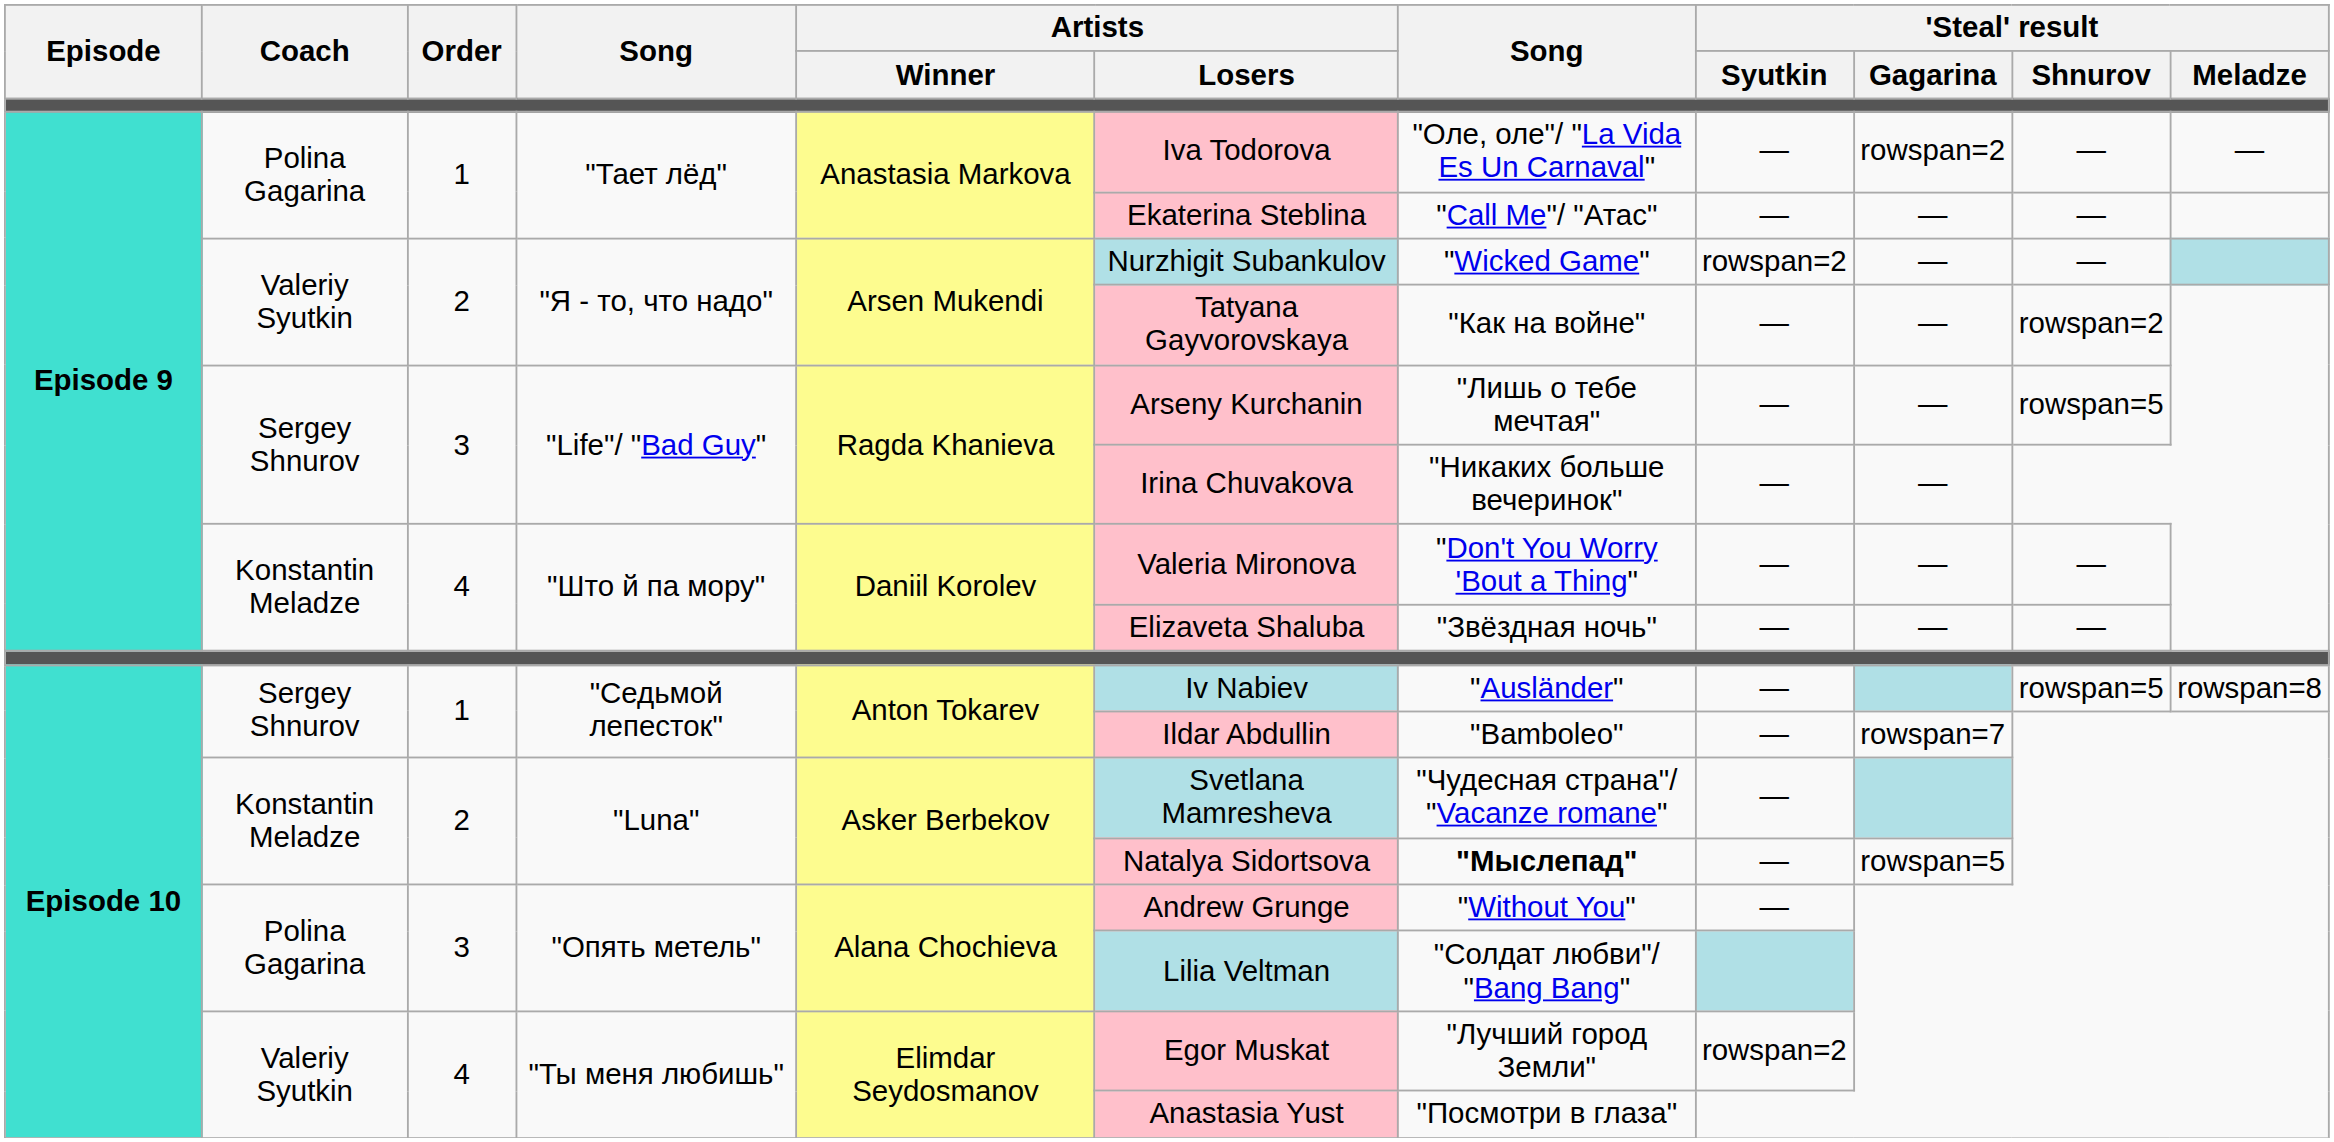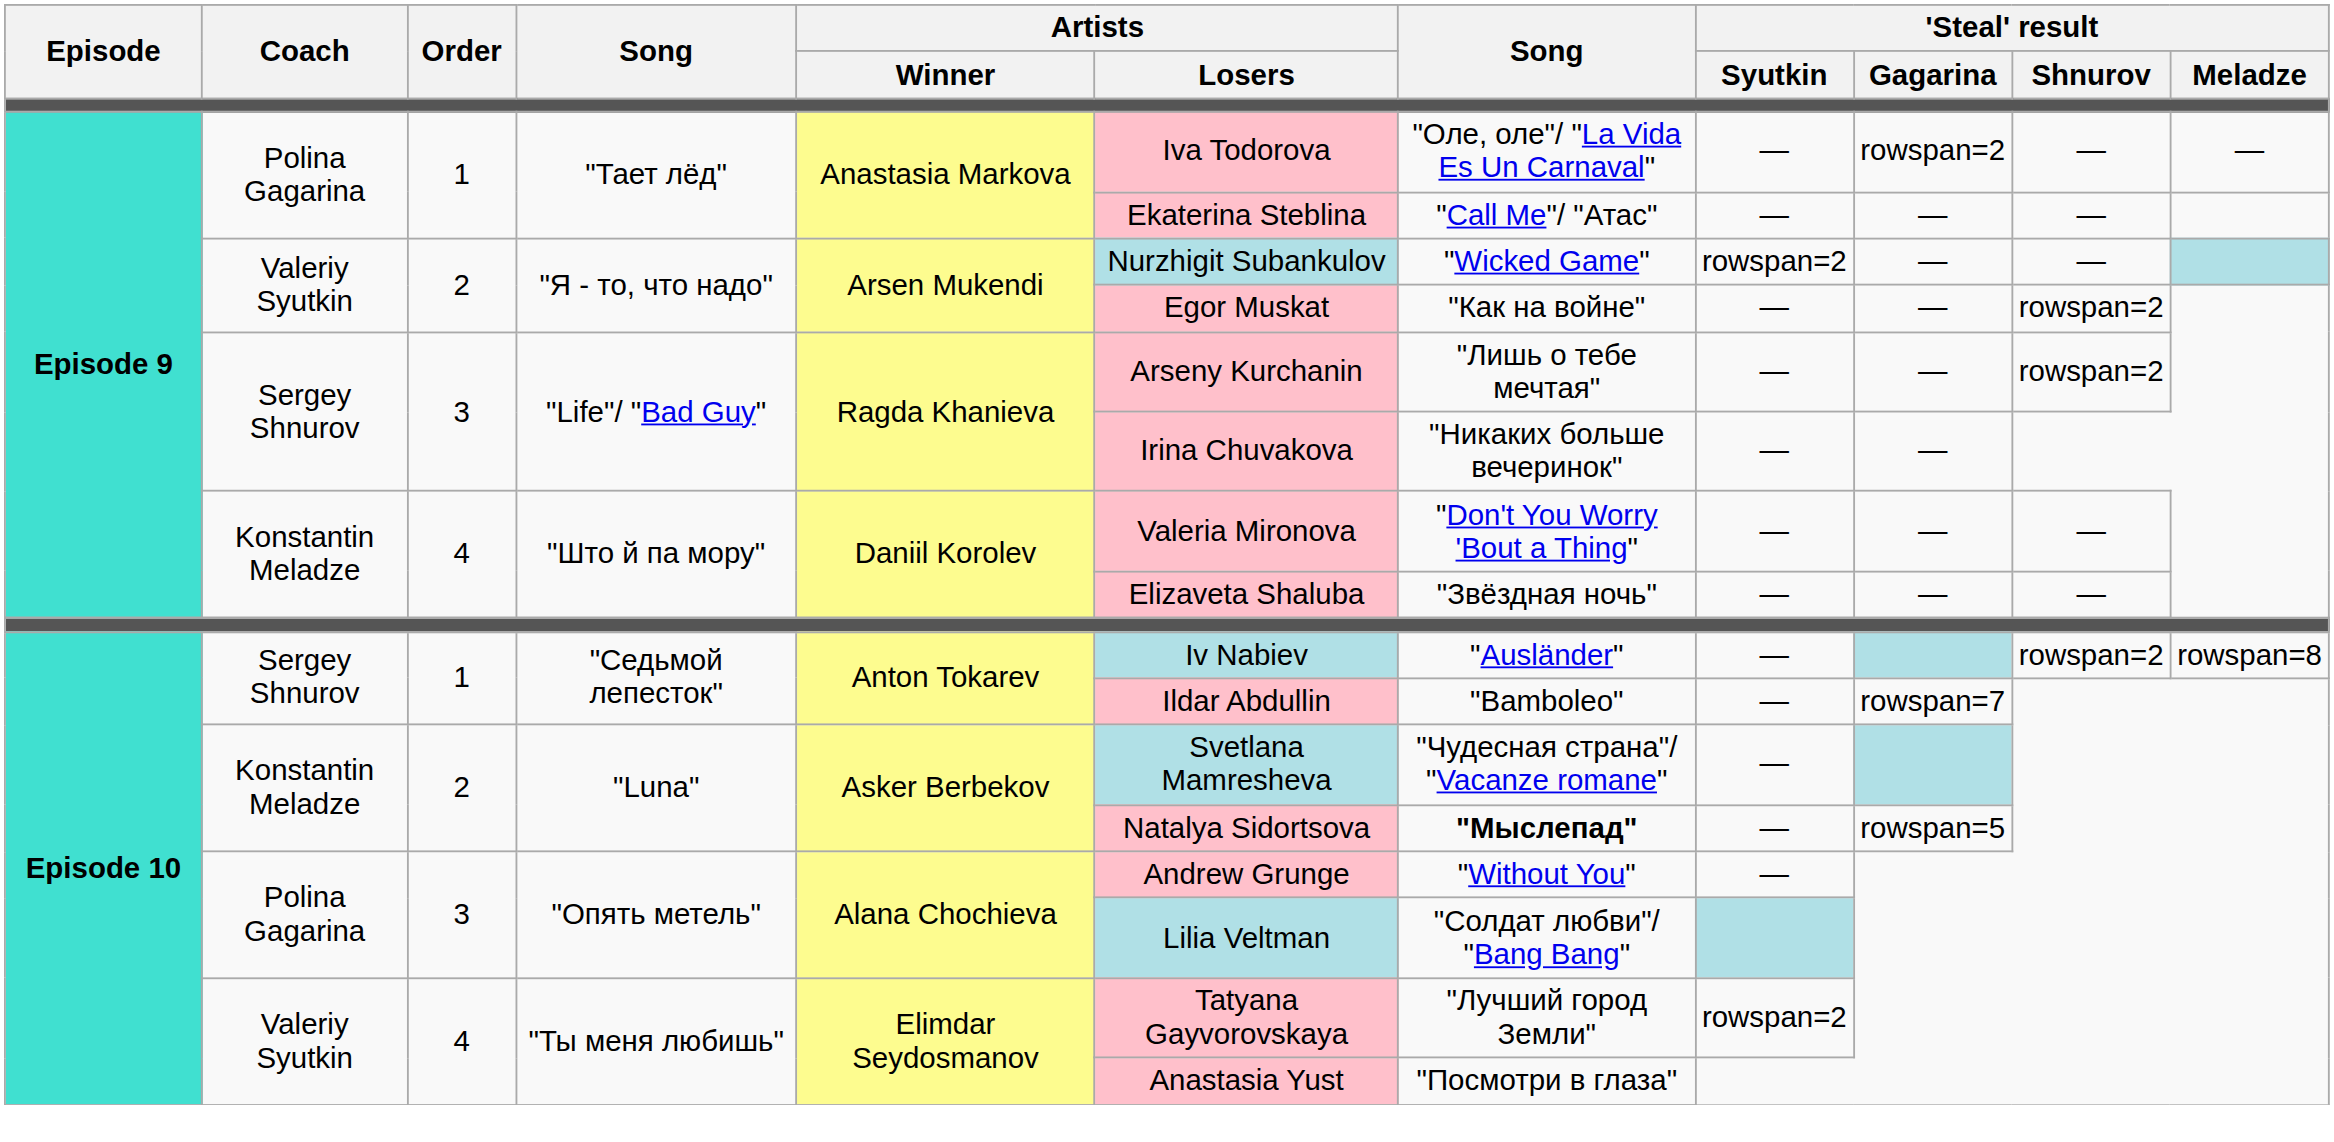 <table class="wikitable" style="text-align: center; width:100%;">
 <tr>
 <th rowspan=2 width="10%">Episode</th>
 <th rowspan=2 width="10%">Coach</th>
 <th rowspan=2 width="5%">Order</th>
 <th rowspan=2 width="15%">Song</th>
 <th colspan=2 width="30%">Artists</th>
 <th rowspan=2 width="15%">Song</th>
 <th colspan=4 style="width:20%;">'Steal' result</th>
 </tr>
 <tr>
 <th width="15%">Winner</th>
 <th width="15%">Losers</th>
 <th style="width:05%;">Syutkin</th>
 <th style="width:05%;">Gagarina</th>
 <th style="width:05%;">Shnurov</th>
 <th style="width:05%;">Meladze</th>
 </tr>
 <tr>
 <td colspan="11" style="background:#555;"></td>
 </tr>
 <tr>
 <th rowspan=8 style="background:turquoise;">Episode 9<br><small></small> </th>
 <td rowspan=2>Polina Gagarina</td>
 <td rowspan=2>1</td>
 <td rowspan=2>"Тает лёд"</td>
 <td rowspan=2 style="background:#fdfc8f;">Anastasia Markova</td>
 <td style="background:pink;">Iva Todorova</td>
 <td>"Оле, оле"/ "<a href='#'>La Vida Es Un Carnaval</a>"</td>
 <td>—</td>
 <td>rowspan=2 </td>
 <td>—</td>
 <td>—</td>
 </tr>
 <tr>
 <td style="background:pink;">Ekaterina Steblina</td>
 <td>"<a href='#'>Call Me</a>"/ "Атас"</td>
 <td>—</td>
 <td>—</td>
 <td>—</td>
 </tr>
 <tr>
 <td rowspan=2>Valeriy Syutkin</td>
 <td rowspan=2>2</td>
 <td rowspan=2>"Я - то, что надо"</td>
 <td rowspan=2 style="background:#fdfc8f;">Arsen Mukendi</td>
 <td style="background:#b0e0e6;">Nurzhigit Subankulov</td>
 <td>"<a href='#'>Wicked Game</a>"</td>
 <td>rowspan=2 </td>
 <td>—</td>
 <td>—</td>
 <td style="background:#B0E0E6;"><strong></strong></td>
 </tr>
 <tr>
-<td style="background:pink;">Tatyana Gayvorovskaya</td>
+<td style="background:pink;">Egor Muskat</td>
 <td>"Как на войне"</td>
 <td>—</td>
 <td>—</td>
 <td>rowspan=2 </td>
 </tr>
 <tr>
 <td rowspan=2>Sergey Shnurov</td>
 <td rowspan=2>3</td>
 <td rowspan=2>"Life"/ "<a href='#'>Bad Guy</a>"</td>
 <td rowspan=2 style="background:#fdfc8f;">Ragda Khanieva</td>
 <td style="background:pink;">Arseny Kurchanin</td>
 <td>"Лишь о тебе мечтая"</td>
 <td>—</td>
 <td>—</td>
-<td>rowspan=5 </td>
+<td>rowspan=2 </td>
 </tr>
 <tr>
 <td style="background:pink;">Irina Chuvakova</td>
 <td>"Никаких больше вечеринок"</td>
 <td>—</td>
 <td>—</td>
 </tr>
 <tr>
 <td rowspan=2>Konstantin Meladze</td>
 <td rowspan=2>4</td>
 <td rowspan=2>"Што й па мору"</td>
 <td rowspan=2 style="background:#fdfc8f;">Daniil Korolev</td>
 <td style="background:pink;">Valeria Mironova</td>
 <td>"<a href='#'>Don't You Worry 'Bout a Thing</a>"</td>
 <td>—</td>
 <td>—</td>
 <td>—</td>
 </tr>
 <tr>
 <td style="background:pink;">Elizaveta Shaluba</td>
 <td>"Звёздная ночь"</td>
 <td>—</td>
 <td>—</td>
 <td>—</td>
 </tr>
 <tr>
 </tr>
 <tr>
 <td colspan="11" style="background:#555;"></td>
 </tr>
 <tr>
 <th rowspan=8 style="background:turquoise;">Episode 10<br><small></small> </th>
 <td rowspan=2>Sergey Shnurov</td>
 <td rowspan=2>1</td>
 <td rowspan=2>"Седьмой лепесток"</td>
 <td rowspan=2 style="background:#fdfc8f;">Anton Tokarev</td>
 <td style="background:#B0E0E6;">Iv Nabiev</td>
 <td>"<a href='#'>Ausländer</a>"</td>
 <td>—</td>
 <td style="background:#B0E0E6;"><strong></strong></td>
-<td>rowspan=5 </td>
+<td>rowspan=2 </td>
 <td>rowspan=8 </td>
 </tr>
 <tr>
 <td style="background:pink;">Ildar Abdullin</td>
 <td>"Bamboleo"</td>
 <td>—</td>
 <td>rowspan=7 </td>
 </tr>
 <tr>
 <td rowspan=2>Konstantin Meladze</td>
 <td rowspan=2>2</td>
 <td rowspan=2>"Luna"</td>
 <td rowspan=2 style="background:#fdfc8f;">Asker Berbekov</td>
 <td style="background:#B0E0E6;">Svetlana Mamresheva</td>
 <td>"Чудесная страна"/ "<a href='#'>Vacanze romane</a>"</td>
 <td>—</td>
 <td style="background:#B0E0E6;"><strong></strong></td>
 </tr>
 <tr>
 <td style="background:pink;">Natalya Sidortsova</td>
 <td><strong>"Мыслепад"</strong></td>
 <td>—</td>
 <td>rowspan=5 </td>
 </tr>
 <tr>
 <td rowspan=2>Polina Gagarina</td>
 <td rowspan=2>3</td>
 <td rowspan=2>"Опять метель"</td>
 <td rowspan=2 style="background:#fdfc8f;">Alana Chochieva</td>
 <td style="background:pink;">Andrew Grunge</td>
 <td>"<a href='#'>Without You</a>"</td>
 <td>—</td>
 </tr>
 <tr>
 <td style="background:#B0E0E6;">Lilia Veltman</td>
 <td>"Солдат любви"/ "<a href='#'>Bang Bang</a>"</td>
 <td style="background:#B0E0E6;"><strong></strong></td>
 </tr>
 <tr>
 <td rowspan=2>Valeriy Syutkin</td>
 <td rowspan=2>4</td>
 <td rowspan=2>"Ты меня любишь"</td>
 <td rowspan=2 style="background:#fdfc8f;">Elimdar Seydosmanov</td>
-<td style="background:pink;">Egor Muskat</td>
+<td style="background:pink;">Tatyana Gayvorovskaya</td>
 <td>"Лучший город Земли"</td>
 <td>rowspan=2 </td>
 </tr>
 <tr>
 <td style="background:pink;">Anastasia Yust</td>
 <td>"Посмотри в глаза"</td>
 </tr>
 <tr>
 </tr>
 </table>
